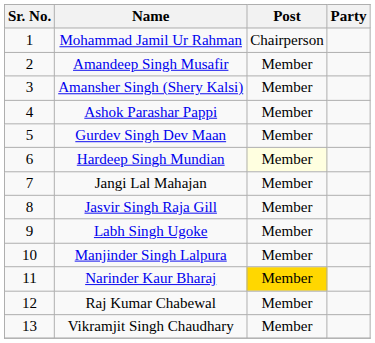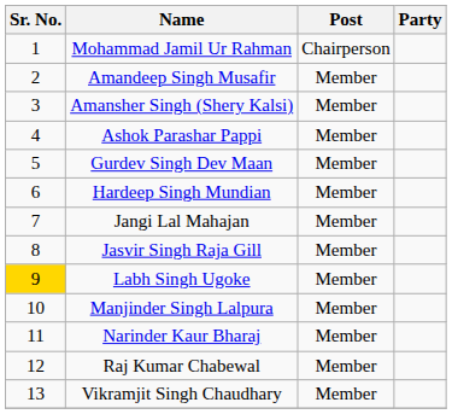 <table class="wikitable sortable">
 <tr>
 <th>Sr. No.</th>
 <th>Name</th>
 <th>Post</th>
 <th colspan="2">Party</th>
 </tr>
 <tr align="center">
 <td>1</td>
 <td><a href='#'>Mohammad Jamil Ur Rahman</a></td>
 <td>Chairperson</td>
 <td></td>
 </tr>
 <tr align="center">
 <td>2</td>
 <td><a href='#'>Amandeep Singh Musafir</a></td>
 <td>Member</td>
 <td></td>
 </tr>
 <tr align="center">
 <td>3</td>
 <td><a href='#'>Amansher Singh (Shery Kalsi)</a></td>
 <td>Member</td>
 <td></td>
 </tr>
 <tr align="center">
 <td>4</td>
 <td><a href='#'>Ashok Parashar Pappi</a></td>
 <td>Member</td>
 <td></td>
 </tr>
 <tr align="center">
 <td>5</td>
 <td><a href='#'>Gurdev Singh Dev Maan</a></td>
 <td>Member</td>
 <td></td>
 </tr>
 <tr align="center">
 <td>6</td>
 <td><a href='#'>Hardeep Singh Mundian</a></td>
-<td style="background: lightyellow;">Member</td>
+<td>Member</td>
 <td></td>
 </tr>
 <tr align="center">
 <td>7</td>
 <td>Jangi Lal Mahajan</td>
 <td>Member</td>
 <td></td>
 </tr>
 <tr align="center">
 <td>8</td>
 <td><a href='#'>Jasvir Singh Raja Gill</a></td>
 <td>Member</td>
 <td></td>
 </tr>
 <tr align="center">
-<td>9</td>
+<td style="background: gold;">9</td>
 <td><a href='#'>Labh Singh Ugoke</a></td>
 <td>Member</td>
 <td></td>
 </tr>
 <tr align="center">
 <td>10</td>
 <td><a href='#'>Manjinder Singh Lalpura</a></td>
 <td>Member</td>
 <td></td>
 </tr>
 <tr align="center">
 <td>11</td>
 <td><a href='#'>Narinder Kaur Bharaj</a></td>
-<td style="background: gold;">Member</td>
+<td>Member</td>
 <td></td>
 </tr>
 <tr align="center">
 <td>12</td>
 <td>Raj Kumar Chabewal</td>
 <td>Member</td>
 <td></td>
 </tr>
 <tr align="center">
 <td>13</td>
 <td>Vikramjit Singh Chaudhary</td>
 <td>Member</td>
 <td></td>
 </tr>
 <tr align="center">
 </tr>
 </table>
